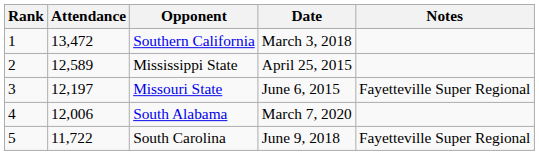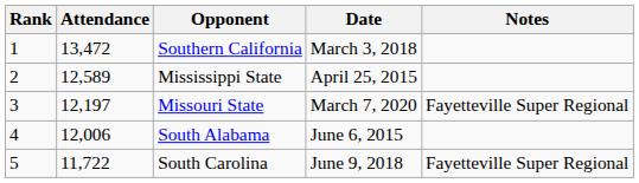 <table class="wikitable" border="1">
 <tr>
 <th>Rank</th>
 <th>Attendance</th>
 <th>Opponent</th>
 <th>Date</th>
 <th>Notes</th>
 </tr>
 <tr>
 <td>1</td>
 <td>13,472</td>
 <td><a href='#'>Southern California</a></td>
 <td>March 3, 2018</td>
 <td></td>
 </tr>
 <tr>
 <td>2</td>
 <td>12,589</td>
 <td>Mississippi State</td>
 <td>April 25, 2015</td>
 <td></td>
 </tr>
 <tr>
 <td>3</td>
 <td>12,197</td>
 <td><a href='#'>Missouri State</a></td>
-<td>June 6, 2015</td>
+<td>March 7, 2020</td>
 <td>Fayetteville Super Regional</td>
 </tr>
 <tr>
 <td>4</td>
 <td>12,006</td>
 <td><a href='#'>South Alabama</a></td>
-<td>March 7, 2020</td>
+<td>June 6, 2015</td>
 <td></td>
 </tr>
 <tr>
 <td>5</td>
 <td>11,722</td>
 <td>South Carolina</td>
 <td>June 9, 2018</td>
 <td>Fayetteville Super Regional</td>
 </tr>
 </table>
